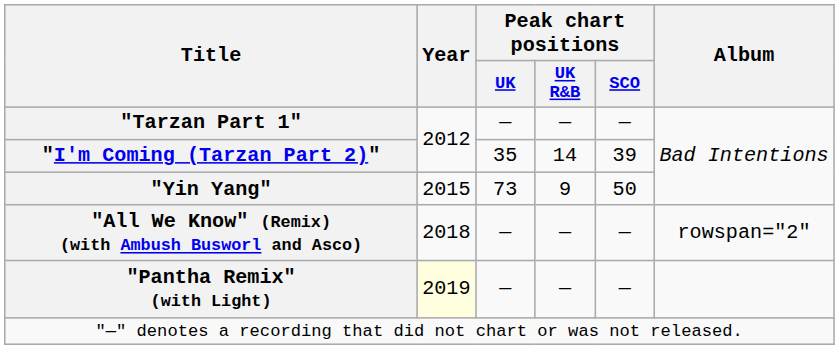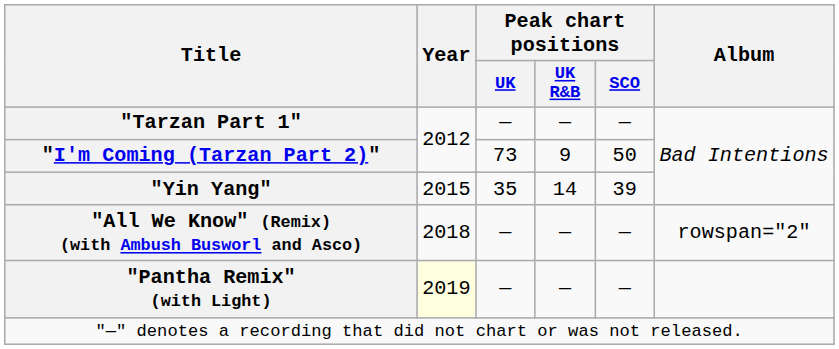 <table class="wikitable plainrowheaders" style="text-align:center;">
 <tr>
 <th scope="col" rowspan="2" style="width:20em;">Title</th>
 <th scope="col" rowspan="2" style="width:1em;">Year</th>
 <th scope="col" colspan="3">Peak chart positions</th>
 <th scope="col" rowspan="2">Album</th>
 </tr>
 <tr>
 <th scope="col" style="width:3em;font-size:85%;"><a href='#'>UK</a><br></th>
 <th scope="col" style="width:3em;font-size:85%;"><a href='#'>UK R&B</a><br></th>
 <th scope="col" style="width:3em;font-size:85%;"><a href='#'>SCO</a><br></th>
 </tr>
 <tr>
 <th scope="row">"Tarzan Part 1"</th>
 <td rowspan="2">2012</td>
 <td>—</td>
 <td>—</td>
 <td>—</td>
 <td rowspan="3"><em>Bad Intentions</em></td>
 </tr>
 <tr>
 <th scope="row">"<a href='#'>I'm Coming (Tarzan Part 2)</a>"</th>
-<td>35</td>
-<td>14</td>
-<td>39</td>
+<td>73</td>
+<td>9</td>
+<td>50</td>
 </tr>
 <tr>
 <th scope="row">"Yin Yang"</th>
 <td>2015</td>
-<td>73</td>
-<td>9</td>
-<td>50</td>
+<td>35</td>
+<td>14</td>
+<td>39</td>
 </tr>
 <tr>
 <th scope="row">"All We Know" <small>(Remix)</small><br><small>(with <a href='#'>Ambush Busworl</a> and Asco)</small></th>
 <td>2018</td>
 <td>—</td>
 <td>—</td>
 <td>—</td>
 <td>rowspan="2" </td>
 </tr>
 <tr>
 <th scope="row">"Pantha Remix"<br><small>(with Light)</small></th>
 <td style="background: lightyellow;">2019</td>
 <td>—</td>
 <td>—</td>
 <td>—</td>
 </tr>
 <tr>
 <td colspan="12" style="font-size:85%">"—" denotes a recording that did not chart or was not released.</td>
 </tr>
 </table>
